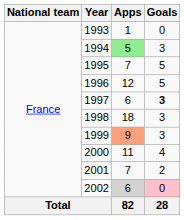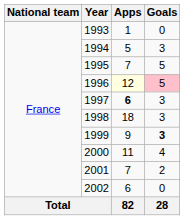 <table class="wikitable" style="text-align:center">
 <tr>
 <th>National team</th>
 <th>Year</th>
 <th>Apps</th>
 <th>Goals</th>
 </tr>
 <tr>
 <td rowspan="10"><a href='#'>France</a></td>
 <td>1993</td>
 <td>1</td>
 <td>0</td>
 </tr>
 <tr>
 <td>1994</td>
-<td style="background: lightgreen;">5</td>
+<td>5</td>
 <td>3</td>
 </tr>
 <tr>
 <td>1995</td>
 <td>7</td>
 <td>5</td>
 </tr>
 <tr>
 <td>1996</td>
-<td>12</td>
-<td>5</td>
+<td style="background: lightyellow;">12</td>
+<td style="background: pink;">5</td>
 </tr>
 <tr>
 <td>1997</td>
-<td>6</td>
-<td><strong>3</strong></td>
+<td><strong>6</strong></td>
+<td>3</td>
 </tr>
 <tr>
 <td>1998</td>
 <td>18</td>
 <td>3</td>
 </tr>
 <tr>
 <td>1999</td>
-<td style="background: lightsalmon;">9</td>
-<td>3</td>
+<td>9</td>
+<td><strong>3</strong></td>
 </tr>
 <tr>
 <td>2000</td>
 <td>11</td>
 <td>4</td>
 </tr>
 <tr>
 <td>2001</td>
 <td>7</td>
 <td>2</td>
 </tr>
 <tr>
 <td>2002</td>
-<td style="background: lightgrey;">6</td>
-<td style="background: pink;">0</td>
+<td>6</td>
+<td>0</td>
 </tr>
 <tr>
 <th colspan="2">Total</th>
 <th>82</th>
 <th>28</th>
 </tr>
 </table>
